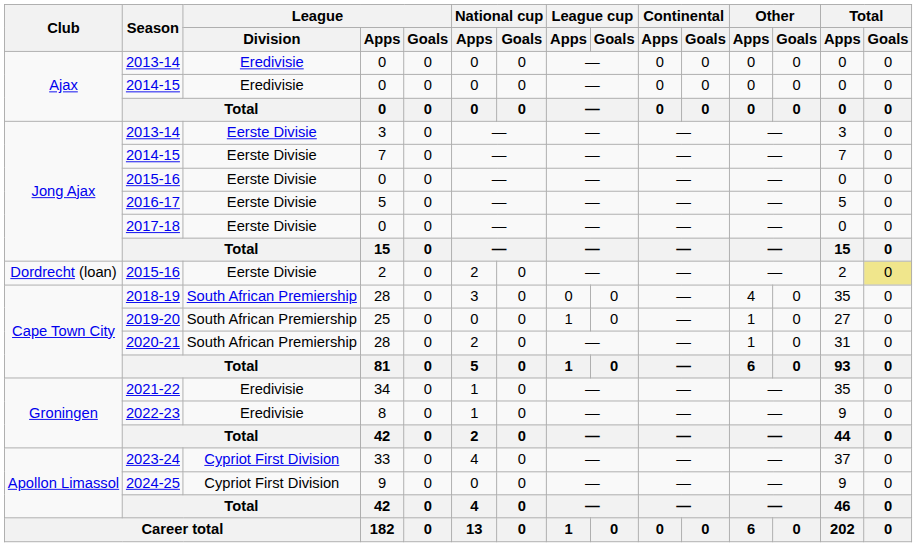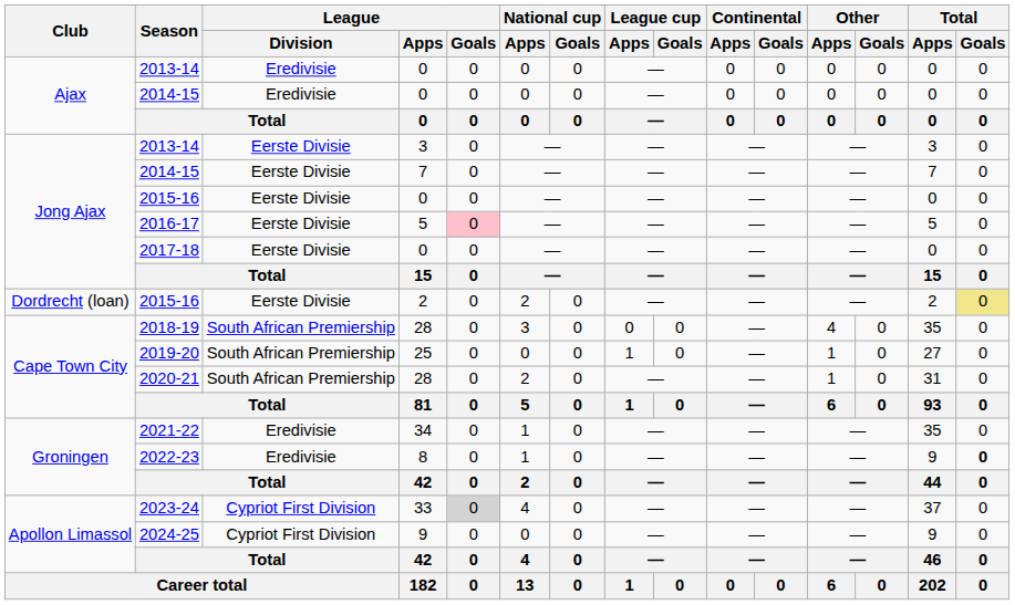 <table class="wikitable" style="text-align: center">
 <tr>
 <th rowspan="2">Club</th>
 <th rowspan="2">Season</th>
 <th colspan="3">League</th>
 <th colspan="2">National cup</th>
 <th colspan="2">League cup</th>
 <th colspan="2">Continental</th>
 <th colspan="2">Other</th>
 <th colspan="2">Total</th>
 </tr>
 <tr>
 <th>Division</th>
 <th>Apps</th>
 <th>Goals</th>
 <th>Apps</th>
 <th>Goals</th>
 <th>Apps</th>
 <th>Goals</th>
 <th>Apps</th>
 <th>Goals</th>
 <th>Apps</th>
 <th>Goals</th>
 <th>Apps</th>
 <th>Goals</th>
 </tr>
 <tr>
 <td rowspan="3"><a href='#'>Ajax</a></td>
 <td><a href='#'>2013-14</a></td>
 <td><a href='#'>Eredivisie</a></td>
 <td>0</td>
 <td>0</td>
 <td>0</td>
 <td>0</td>
 <td colspan="2">—</td>
 <td>0</td>
 <td>0</td>
 <td>0</td>
 <td>0</td>
 <td>0</td>
 <td>0</td>
 </tr>
 <tr>
 <td><a href='#'>2014-15</a></td>
 <td>Eredivisie</td>
 <td>0</td>
 <td>0</td>
 <td>0</td>
 <td>0</td>
 <td colspan="2">—</td>
 <td>0</td>
 <td>0</td>
 <td>0</td>
 <td>0</td>
 <td>0</td>
 <td>0</td>
 </tr>
 <tr>
 <th colspan="2">Total</th>
 <th>0</th>
 <th>0</th>
 <th>0</th>
 <th>0</th>
 <th colspan="2">—</th>
 <th>0</th>
 <th>0</th>
 <th>0</th>
 <th>0</th>
 <th>0</th>
 <th>0</th>
 </tr>
 <tr>
 <td rowspan="6"><a href='#'>Jong Ajax</a></td>
 <td><a href='#'>2013-14</a></td>
 <td><a href='#'>Eerste Divisie</a></td>
 <td>3</td>
 <td>0</td>
 <td colspan="2">—</td>
 <td colspan="2">—</td>
 <td colspan="2">—</td>
 <td colspan="2">—</td>
 <td>3</td>
 <td>0</td>
 </tr>
 <tr>
 <td><a href='#'>2014-15</a></td>
 <td>Eerste Divisie</td>
 <td>7</td>
 <td>0</td>
 <td colspan="2">—</td>
 <td colspan="2">—</td>
 <td colspan="2">—</td>
 <td colspan="2">—</td>
 <td>7</td>
 <td>0</td>
 </tr>
 <tr>
 <td><a href='#'>2015-16</a></td>
 <td>Eerste Divisie</td>
 <td>0</td>
 <td>0</td>
 <td colspan="2">—</td>
 <td colspan="2">—</td>
 <td colspan="2">—</td>
 <td colspan="2">—</td>
 <td>0</td>
 <td>0</td>
 </tr>
 <tr>
 <td><a href='#'>2016-17</a></td>
 <td>Eerste Divisie</td>
 <td>5</td>
-<td>0</td>
+<td style="background: pink;">0</td>
 <td colspan="2">—</td>
 <td colspan="2">—</td>
 <td colspan="2">—</td>
 <td colspan="2">—</td>
 <td>5</td>
 <td>0</td>
 </tr>
 <tr>
 <td><a href='#'>2017-18</a></td>
 <td>Eerste Divisie</td>
 <td>0</td>
 <td>0</td>
 <td colspan="2">—</td>
 <td colspan="2">—</td>
 <td colspan="2">—</td>
 <td colspan="2">—</td>
 <td>0</td>
 <td>0</td>
 </tr>
 <tr>
 <th colspan="2">Total</th>
 <th>15</th>
 <th>0</th>
 <th colspan="2">—</th>
 <th colspan="2">—</th>
 <th colspan="2">—</th>
 <th colspan="2">—</th>
 <th>15</th>
 <th>0</th>
 </tr>
 <tr>
 <td><a href='#'>Dordrecht</a> (loan)</td>
 <td><a href='#'>2015-16</a></td>
 <td>Eerste Divisie</td>
 <td>2</td>
 <td>0</td>
 <td>2</td>
 <td>0</td>
 <td colspan="2">—</td>
 <td colspan="2">—</td>
 <td colspan="2">—</td>
 <td>2</td>
 <td style="background: khaki;">0</td>
 </tr>
 <tr>
 <td rowspan="4"><a href='#'>Cape Town City</a></td>
 <td><a href='#'>2018-19</a></td>
 <td><a href='#'>South African Premiership</a></td>
 <td>28</td>
 <td>0</td>
 <td>3</td>
 <td>0</td>
 <td>0</td>
 <td>0</td>
 <td colspan="2">—</td>
 <td>4</td>
 <td>0</td>
 <td>35</td>
 <td>0</td>
 </tr>
 <tr>
 <td><a href='#'>2019-20</a></td>
 <td>South African Premiership</td>
 <td>25</td>
 <td>0</td>
 <td>0</td>
 <td>0</td>
 <td>1</td>
 <td>0</td>
 <td colspan="2">—</td>
 <td>1</td>
 <td>0</td>
 <td>27</td>
 <td>0</td>
 </tr>
 <tr>
 <td><a href='#'>2020-21</a></td>
 <td>South African Premiership</td>
 <td>28</td>
 <td>0</td>
 <td>2</td>
 <td>0</td>
 <td colspan="2">—</td>
 <td colspan="2">—</td>
 <td>1</td>
 <td>0</td>
 <td>31</td>
 <td>0</td>
 </tr>
 <tr>
 <th colspan="2">Total</th>
 <th>81</th>
 <th>0</th>
 <th>5</th>
 <th>0</th>
 <th>1</th>
 <th>0</th>
 <th colspan="2">—</th>
 <th>6</th>
 <th>0</th>
 <th>93</th>
 <th>0</th>
 </tr>
 <tr>
 <td rowspan="3"><a href='#'>Groningen</a></td>
 <td><a href='#'>2021-22</a></td>
 <td>Eredivisie</td>
 <td>34</td>
 <td>0</td>
 <td>1</td>
 <td>0</td>
 <td colspan="2">—</td>
 <td colspan="2">—</td>
 <td colspan="2">—</td>
 <td>35</td>
 <td>0</td>
 </tr>
 <tr>
 <td><a href='#'>2022-23</a></td>
 <td>Eredivisie</td>
 <td>8</td>
 <td>0</td>
 <td>1</td>
 <td>0</td>
 <td colspan="2">—</td>
 <td colspan="2">—</td>
 <td colspan="2">—</td>
 <td>9</td>
-<td>0</td>
+<td><strong>0</strong></td>
 </tr>
 <tr>
 <th colspan="2">Total</th>
 <th>42</th>
 <th>0</th>
 <th>2</th>
 <th>0</th>
 <th colspan="2">—</th>
 <th colspan="2">—</th>
 <th colspan="2">—</th>
 <th>44</th>
 <th>0</th>
 </tr>
 <tr>
 <td rowspan="3"><a href='#'>Apollon Limassol</a></td>
 <td><a href='#'>2023-24</a></td>
 <td><a href='#'>Cypriot First Division</a></td>
 <td>33</td>
-<td>0</td>
+<td style="background: lightgrey;">0</td>
 <td>4</td>
 <td>0</td>
 <td colspan="2">—</td>
 <td colspan="2">—</td>
 <td colspan="2">—</td>
 <td>37</td>
 <td>0</td>
 </tr>
 <tr>
 <td><a href='#'>2024-25</a></td>
 <td>Cypriot First Division</td>
 <td>9</td>
 <td>0</td>
 <td>0</td>
 <td>0</td>
 <td colspan="2">—</td>
 <td colspan="2">—</td>
 <td colspan="2">—</td>
 <td>9</td>
 <td>0</td>
 </tr>
 <tr>
 <th colspan="2">Total</th>
 <th>42</th>
 <th>0</th>
 <th>4</th>
 <th>0</th>
 <th colspan="2">—</th>
 <th colspan="2">—</th>
 <th colspan="2">—</th>
 <th>46</th>
 <th>0</th>
 </tr>
 <tr>
 <th colspan="3">Career total</th>
 <th>182</th>
 <th>0</th>
 <th>13</th>
 <th>0</th>
 <th>1</th>
 <th>0</th>
 <th>0</th>
 <th>0</th>
 <th>6</th>
 <th>0</th>
 <th>202</th>
 <th>0</th>
 </tr>
 </table>
